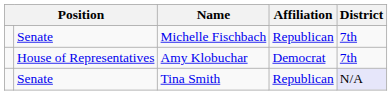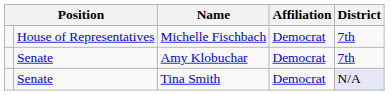 <table class="wikitable">
 <tr>
 <th colspan="2">Position</th>
 <th>Name</th>
 <th>Affiliation</th>
 <th>District</th>
 </tr>
 <tr>
 <td style="background-color:"></td>
-<td><a href='#'>Senate</a></td>
+<td><a href='#'>House of Representatives</a></td>
 <td><a href='#'>Michelle Fischbach</a></td>
-<td><a href='#'>Republican</a></td>
+<td><a href='#'>Democrat</a></td>
 <td><a href='#'>7th</a></td>
 </tr>
 <tr>
 <td style="background-color:"></td>
-<td><a href='#'>House of Representatives</a></td>
+<td><a href='#'>Senate</a></td>
 <td><a href='#'>Amy Klobuchar</a></td>
 <td><a href='#'>Democrat</a></td>
 <td><a href='#'>7th</a></td>
 </tr>
 <tr>
 <td style="background-color:"> </td>
 <td><a href='#'>Senate</a></td>
 <td><a href='#'>Tina Smith</a></td>
-<td><a href='#'>Republican</a></td>
+<td><a href='#'>Democrat</a></td>
 <td style="background: lavender;">N/A</td>
 </tr>
 </table>
